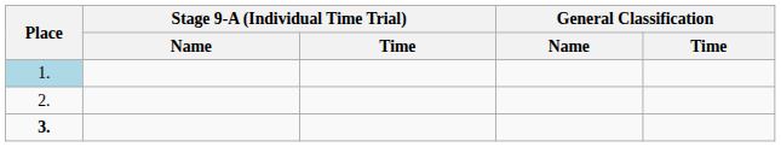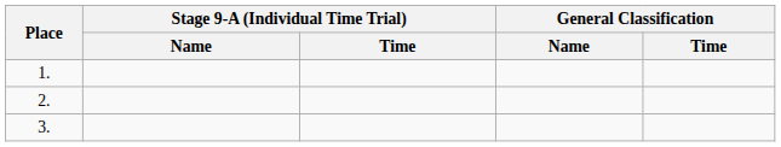 <table class=wikitable style="font-size:95%" width="80%">
 <tr>
 <th rowspan="2">Place</th>
 <th colspan="2">Stage 9-A (Individual Time Trial)</th>
 <th colspan="2">General Classification</th>
 </tr>
 <tr>
 <th>Name</th>
 <th>Time</th>
 <th>Name</th>
 <th>Time</th>
 </tr>
 <tr>
-<td align="center" style="background: lightblue;">1.</td>
+<td align="center">1.</td>
 <td></td>
 <td></td>
 <td></td>
 <td></td>
 </tr>
 <tr>
 <td align="center">2.</td>
 <td></td>
 <td></td>
 <td></td>
 <td></td>
 </tr>
 <tr>
-<td align="center"><strong>3.</strong></td>
+<td align="center">3.</td>
 <td></td>
 <td></td>
 <td></td>
 <td></td>
 </tr>
 </table>
